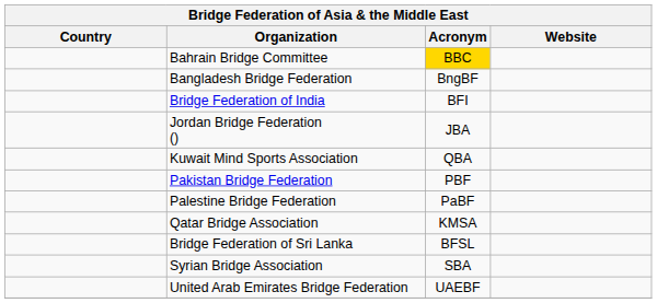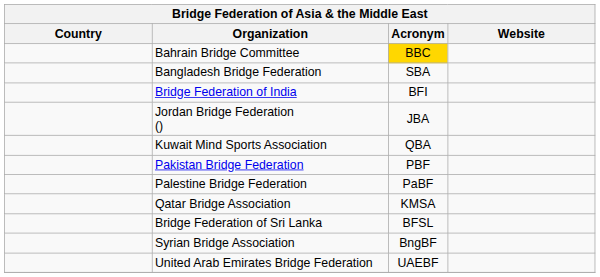 <table class="wikitable">
 <tr>
 <th colspan=5>Bridge Federation of Asia & the Middle East</th>
 </tr>
 <tr>
 <th width="25%">Country</th>
 <th width="40%">Organization</th>
 <th width="10%">Acronym</th>
 <th width="25%">Website</th>
 </tr>
 <tr>
 <td></td>
 <td>Bahrain Bridge Committee</td>
 <td align=center style="background: gold;">BBC</td>
 <td></td>
 </tr>
 <tr>
 <td></td>
 <td>Bangladesh Bridge Federation</td>
-<td align=center>BngBF</td>
+<td align=center>SBA</td>
 <td></td>
 </tr>
 <tr>
 <td></td>
 <td><a href='#'>Bridge Federation of India</a></td>
 <td align=center>BFI</td>
 <td></td>
 </tr>
 <tr>
 <td></td>
 <td>Jordan Bridge Federation<br>()</td>
 <td align=center>JBA</td>
 <td></td>
 </tr>
 <tr>
 <td></td>
 <td>Kuwait Mind Sports Association</td>
 <td align=center>QBA</td>
 <td></td>
 </tr>
 <tr>
 <td></td>
 <td><a href='#'>Pakistan Bridge Federation</a></td>
 <td align=center>PBF</td>
 <td></td>
 </tr>
 <tr>
 <td></td>
 <td>Palestine Bridge Federation</td>
 <td align=center>PaBF</td>
 <td></td>
 </tr>
 <tr>
 <td></td>
 <td>Qatar Bridge Association</td>
 <td align=center>KMSA</td>
 <td></td>
 </tr>
 <tr>
 <td></td>
 <td>Bridge Federation of Sri Lanka</td>
 <td align=center>BFSL</td>
 <td></td>
 </tr>
 <tr>
 <td></td>
 <td>Syrian Bridge Association</td>
-<td align=center>SBA</td>
+<td align=center>BngBF</td>
 <td></td>
 </tr>
 <tr>
 <td></td>
 <td>United Arab Emirates Bridge Federation</td>
 <td align=center>UAEBF</td>
 <td></td>
 </tr>
 <tr>
 </tr>
 </table>
